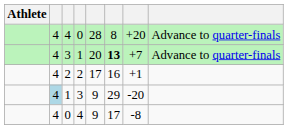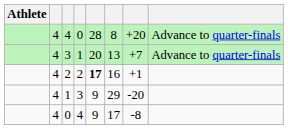 <table class=wikitable style="text-align:center">
 <tr>
 <th>Athlete</th>
 <th></th>
 <th></th>
 <th></th>
 <th></th>
 <th></th>
 <th></th>
 <th></th>
 </tr>
 <tr bgcolor=bbf3bb>
 <td style="text-align:left"></td>
 <td>4</td>
 <td>4</td>
 <td>0</td>
 <td>28</td>
 <td>8</td>
 <td>+20</td>
 <td>Advance to <a href='#'>quarter-finals</a></td>
 </tr>
 <tr bgcolor=bbf3bb>
 <td style="text-align:left"></td>
 <td>4</td>
 <td>3</td>
 <td>1</td>
 <td>20</td>
-<td><strong>13</strong></td>
+<td>13</td>
 <td>+7</td>
 <td>Advance to <a href='#'>quarter-finals</a></td>
 </tr>
 <tr>
 <td style="text-align:left"></td>
 <td>4</td>
 <td>2</td>
 <td>2</td>
-<td>17</td>
+<td><strong>17</strong></td>
 <td>16</td>
 <td>+1</td>
 <td></td>
 </tr>
 <tr>
 <td style="text-align:left"></td>
-<td style="background: lightblue;">4</td>
+<td>4</td>
 <td>1</td>
 <td>3</td>
 <td>9</td>
 <td>29</td>
 <td>-20</td>
 <td></td>
 </tr>
 <tr>
 <td style="text-align:left"></td>
 <td>4</td>
 <td>0</td>
 <td>4</td>
 <td>9</td>
 <td>17</td>
 <td>-8</td>
 <td></td>
 </tr>
 </table>
